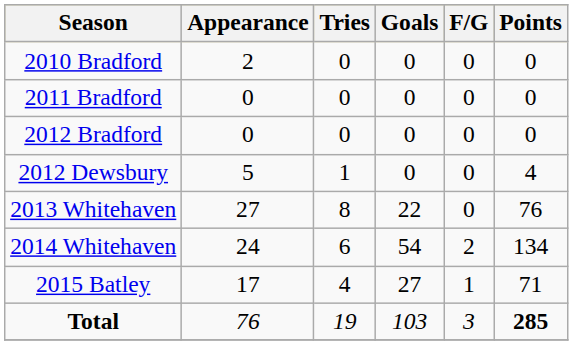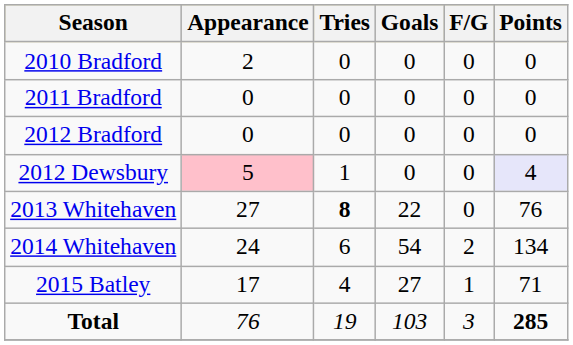 <table class="wikitable" style="text-align:center;">
 <tr bgcolor=#bdb76b>
 <th>Season</th>
 <th>Appearance</th>
 <th>Tries</th>
 <th>Goals</th>
 <th>F/G</th>
 <th>Points</th>
 </tr>
 <tr>
 <td><a href='#'>2010 Bradford</a></td>
 <td>2</td>
 <td>0</td>
 <td>0</td>
 <td>0</td>
 <td>0</td>
 </tr>
 <tr>
 <td><a href='#'>2011 Bradford</a></td>
 <td>0</td>
 <td>0</td>
 <td>0</td>
 <td>0</td>
 <td>0</td>
 </tr>
 <tr>
 <td><a href='#'>2012 Bradford</a></td>
 <td>0</td>
 <td>0</td>
 <td>0</td>
 <td>0</td>
 <td>0</td>
 </tr>
 <tr>
 <td><a href='#'>2012 Dewsbury</a></td>
-<td>5</td>
+<td style="background: pink;">5</td>
 <td>1</td>
 <td>0</td>
 <td>0</td>
-<td>4</td>
+<td style="background: lavender;">4</td>
 </tr>
 <tr>
 <td><a href='#'>2013 Whitehaven</a></td>
 <td>27</td>
-<td>8</td>
+<td><strong>8</strong></td>
 <td>22</td>
 <td>0</td>
 <td>76</td>
 </tr>
 <tr>
 <td><a href='#'>2014 Whitehaven</a></td>
 <td>24</td>
 <td>6</td>
 <td>54</td>
 <td>2</td>
 <td>134</td>
 </tr>
 <tr>
 <td><a href='#'>2015 Batley</a></td>
 <td>17</td>
 <td>4</td>
 <td>27</td>
 <td>1</td>
 <td>71</td>
 </tr>
 <tr>
 <td><strong>Total</strong></td>
 <td><em>76</em></td>
 <td><em>19</em></td>
 <td><em>103</em></td>
 <td><em>3</em></td>
 <td><strong>285</strong></td>
 </tr>
 <tr>
 </tr>
 </table>
